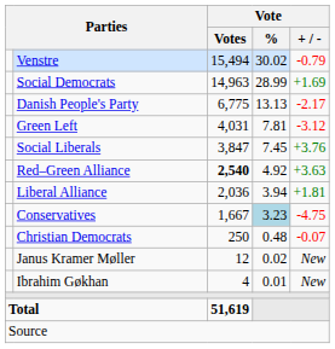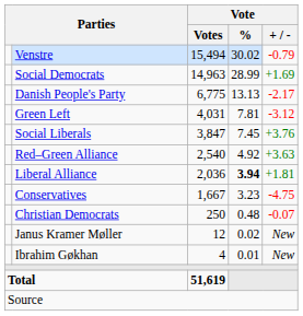 <table class="wikitable" style="text-align:right;">
 <tr>
 <th style="text-align:centre;" rowspan="2" colspan="2" width="225">Parties</th>
 <th colspan="3">Vote</th>
 </tr>
 <tr>
 <th width="15">Votes</th>
 <th width="15">%</th>
 <th width="15">+ / -</th>
 </tr>
 <tr>
 <td width="2" style="color:inherit;background:"></td>
 <td bgcolor=#cfe5fe  align="left"><a href='#'>Venstre</a></td>
 <td bgcolor=#cfe5fe>15,494</td>
 <td bgcolor=#cfe5fe>30.02</td>
 <td style=color:red;>-0.79</td>
 </tr>
 <tr>
 <td width="2" style="color:inherit;background:"></td>
 <td align="left"><a href='#'>Social Democrats</a></td>
 <td>14,963</td>
 <td>28.99</td>
 <td style=color:green;>+1.69</td>
 </tr>
 <tr>
 <td width="2" style="color:inherit;background:"></td>
 <td align="left"><a href='#'>Danish People's Party</a></td>
 <td>6,775</td>
 <td>13.13</td>
 <td style=color:red;>-2.17</td>
 </tr>
 <tr>
 <td width="2" style="color:inherit;background:"></td>
 <td align="left"><a href='#'>Green Left</a></td>
 <td>4,031</td>
 <td>7.81</td>
 <td style=color:red;>-3.12</td>
 </tr>
 <tr>
 <td width="2" style="color:inherit;background:"></td>
 <td align="left"><a href='#'>Social Liberals</a></td>
 <td>3,847</td>
 <td>7.45</td>
 <td style=color:green;>+3.76</td>
 </tr>
 <tr>
 <td width="2" style="color:inherit;background:"></td>
 <td align="left"><a href='#'>Red–Green Alliance</a></td>
-<td><strong>2,540</strong></td>
+<td>2,540</td>
 <td>4.92</td>
 <td style=color:green;>+3.63</td>
 </tr>
 <tr>
 <td width="2" style="color:inherit;background:"></td>
 <td align="left"><a href='#'>Liberal Alliance</a></td>
 <td>2,036</td>
-<td>3.94</td>
+<td><strong>3.94</strong></td>
 <td style=color:green;>+1.81</td>
 </tr>
 <tr>
 <td width="2" style="color:inherit;background:"></td>
 <td align="left"><a href='#'>Conservatives</a></td>
 <td>1,667</td>
-<td style="background: lightblue;">3.23</td>
+<td>3.23</td>
 <td style=color:red;>-4.75</td>
 </tr>
 <tr>
 <td width="2" style="color:inherit;background:"></td>
 <td align="left"><a href='#'>Christian Democrats</a></td>
 <td>250</td>
 <td>0.48</td>
 <td style=color:red;>-0.07</td>
 </tr>
 <tr>
 <td width="2" style="color:inherit;background:"></td>
 <td align="left">Janus Kramer Møller</td>
 <td>12</td>
 <td>0.02</td>
 <td><em>New</em></td>
 </tr>
 <tr>
 <td width="2" style="color:inherit;background:"></td>
 <td align="left">Ibrahim Gøkhan</td>
 <td>4</td>
 <td>0.01</td>
 <td><em>New</em></td>
 </tr>
 <tr>
 <td colspan="7" bgcolor="#E9E9E9"></td>
 </tr>
 <tr>
 <td align="left" colspan="2"><strong>Total</strong></td>
 <td><strong>51,619</strong></td>
 <td bgcolor="#E9E9E9" colspan="2"></td>
 </tr>
 <tr>
 <td align="left" colspan="6">Source</td>
 </tr>
 </table>
